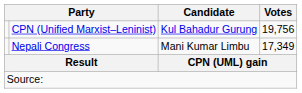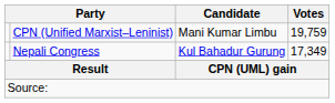 <table class="wikitable">
 <tr>
 <th colspan="2">Party</th>
 <th>Candidate</th>
 <th>Votes</th>
 </tr>
 <tr>
 <td style="background-color:"></td>
 <td><a href='#'>CPN (Unified Marxist–Leninist)</a></td>
-<td><a href='#'>Kul Bahadur Gurung</a></td>
-<td>19,756</td>
+<td>Mani Kumar Limbu</td>
+<td>19,759</td>
 </tr>
 <tr>
 <td style="background-color:"></td>
 <td><a href='#'>Nepali Congress</a></td>
-<td>Mani Kumar Limbu</td>
+<td><a href='#'>Kul Bahadur Gurung</a></td>
 <td>17,349</td>
 </tr>
 <tr>
 <th colspan="2">Result</th>
 <th colspan="2">CPN (UML) gain</th>
 </tr>
 <tr>
 <td colspan="4">Source: </td>
 </tr>
 </table>
